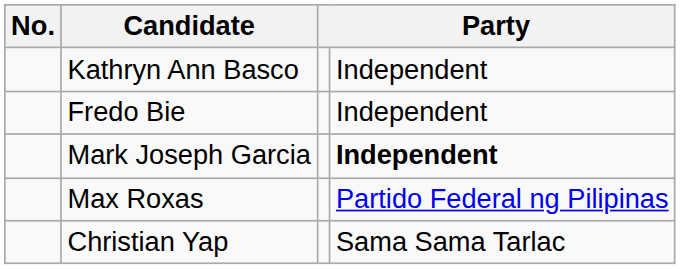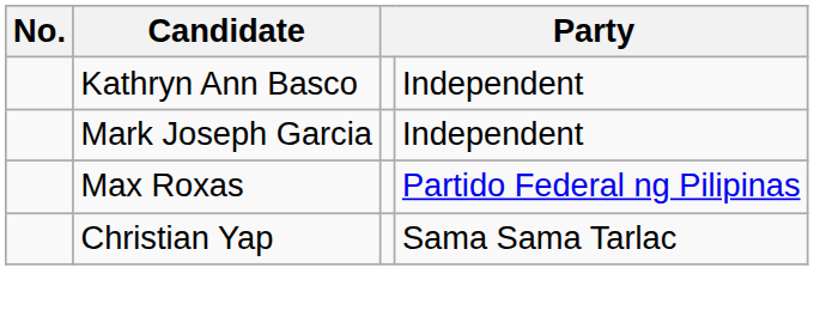 <table class="wikitable sortable" style="text-align:left;">
 <tr>
 <th>No.</th>
 <th>Candidate</th>
 <th colspan="2">Party</th>
 </tr>
 <tr>
 <td></td>
 <td>Kathryn Ann Basco</td>
 <td></td>
 <td>Independent</td>
 </tr>
 <tr>
 <td></td>
-<td>Fredo Bie</td>
+<td>Mark Joseph Garcia</td>
 <td></td>
 <td>Independent</td>
-</tr>
-<tr>
-<td></td>
-<td>Mark Joseph Garcia</td>
-<td></td>
-<td><strong>Independent</strong></td>
 </tr>
 <tr>
 <td></td>
 <td>Max Roxas</td>
 <td></td>
 <td><a href='#'>Partido Federal ng Pilipinas</a></td>
 </tr>
 <tr>
 <td></td>
 <td>Christian Yap</td>
 <td></td>
 <td>Sama Sama Tarlac</td>
 </tr>
 </table>
